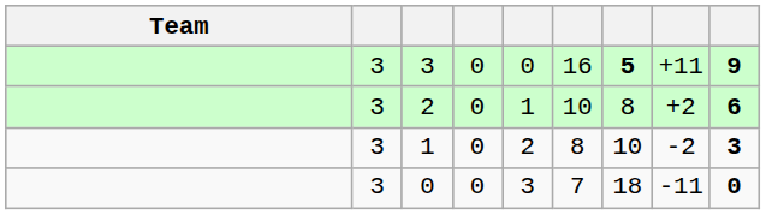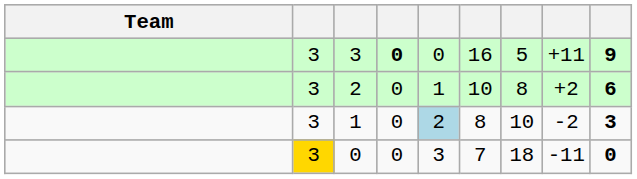 <table class="wikitable" style="text-align: center;">
 <tr>
 <th width="175">Team</th>
 <th width="20"></th>
 <th width="20"></th>
 <th width="20"></th>
 <th width="20"></th>
 <th width="20"></th>
 <th width="20"></th>
 <th width="20"></th>
 <th width="20"></th>
 </tr>
 <tr align=center bgcolor=#ccffcc>
 <td style="text-align:left;"></td>
 <td>3</td>
 <td>3</td>
-<td>0</td>
+<td><strong>0</strong></td>
 <td>0</td>
 <td>16</td>
-<td><strong>5</strong></td>
+<td>5</td>
 <td>+11</td>
 <td><strong>9</strong></td>
 </tr>
 <tr align=center bgcolor=#ccffcc>
 <td style="text-align:left;"></td>
 <td>3</td>
 <td>2</td>
 <td>0</td>
 <td>1</td>
 <td>10</td>
 <td>8</td>
 <td>+2</td>
 <td><strong>6</strong></td>
 </tr>
 <tr>
 <td style="text-align:left;"></td>
 <td>3</td>
 <td>1</td>
 <td>0</td>
-<td>2</td>
+<td style="background: lightblue;">2</td>
 <td>8</td>
 <td>10</td>
 <td>-2</td>
 <td><strong>3</strong></td>
 </tr>
 <tr>
 <td style="text-align:left;"></td>
-<td>3</td>
+<td style="background: gold;">3</td>
 <td>0</td>
 <td>0</td>
 <td>3</td>
 <td>7</td>
 <td>18</td>
 <td>-11</td>
 <td><strong>0</strong></td>
 </tr>
 </table>
